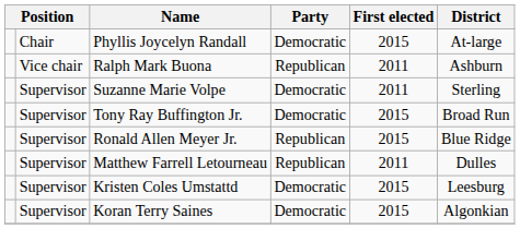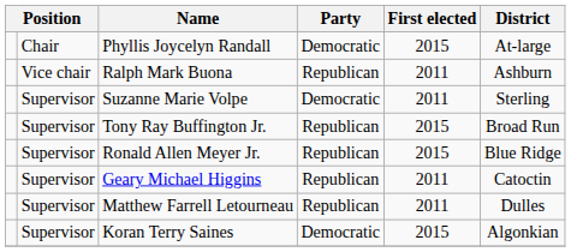 <table class="wikitable">
 <tr>
 <th colspan="2" align="center" valign="bottom">Position</th>
 <th style="text-align:center;">Name</th>
 <th valign="bottom">Party</th>
 <th valign="bottom" align="center">First elected</th>
 <th valign="bottom" align="center">District</th>
 </tr>
 <tr>
 <td style="background-color:"> </td>
 <td>Chair</td>
 <td>Phyllis Joycelyn Randall</td>
 <td style="text-align:center;">Democratic</td>
 <td style="text-align:center;">2015</td>
 <td style="text-align:center;">At-large</td>
 </tr>
 <tr>
 <td style="background-color:"> </td>
 <td>Vice chair</td>
 <td>Ralph Mark Buona</td>
 <td style="text-align:center;">Republican</td>
 <td style="text-align:center;">2011</td>
 <td style="text-align:center;">Ashburn</td>
 </tr>
 <tr>
 <td style="background-color:"> </td>
 <td>Supervisor</td>
 <td>Suzanne Marie Volpe</td>
 <td style="text-align:center;">Democratic</td>
 <td style="text-align:center;">2011</td>
 <td style="text-align:center;">Sterling</td>
 </tr>
 <tr>
 <td style="background-color:"> </td>
 <td>Supervisor</td>
 <td>Tony Ray Buffington Jr.</td>
-<td style="text-align:center;">Democratic</td>
+<td style="text-align:center;">Republican</td>
 <td style="text-align:center;">2015</td>
 <td style="text-align:center;">Broad Run</td>
 </tr>
 <tr>
 <td style="background-color:"> </td>
 <td>Supervisor</td>
 <td>Ronald Allen Meyer Jr.</td>
 <td style="text-align:center;">Republican</td>
 <td style="text-align:center;">2015</td>
 <td style="text-align:center;">Blue Ridge</td>
 </tr>
 <tr>
 <td style="background-color:"> </td>
 <td>Supervisor</td>
+<td><a href='#'>Geary Michael Higgins</a></td>
+<td style="text-align:center;">Republican</td>
+<td style="text-align:center;">2011</td>
+<td style="text-align:center;">Catoctin</td>
+</tr>
+<tr>
+<td style="background-color:"> </td>
+<td>Supervisor</td>
 <td>Matthew Farrell Letourneau</td>
 <td style="text-align:center;">Republican</td>
 <td style="text-align:center;">2011</td>
 <td style="text-align:center;">Dulles</td>
-</tr>
-<tr>
-<td style="background-color:"> </td>
-<td>Supervisor</td>
-<td>Kristen Coles Umstattd</td>
-<td style="text-align:center;">Democratic</td>
-<td style="text-align:center;">2015</td>
-<td style="text-align:center;">Leesburg</td>
 </tr>
 <tr>
 <td style="background-color:"> </td>
 <td>Supervisor</td>
 <td>Koran Terry Saines</td>
 <td style="text-align:center;">Democratic</td>
 <td style="text-align:center;">2015</td>
 <td style="text-align:center;">Algonkian</td>
 </tr>
 <tr>
 </tr>
 </table>
